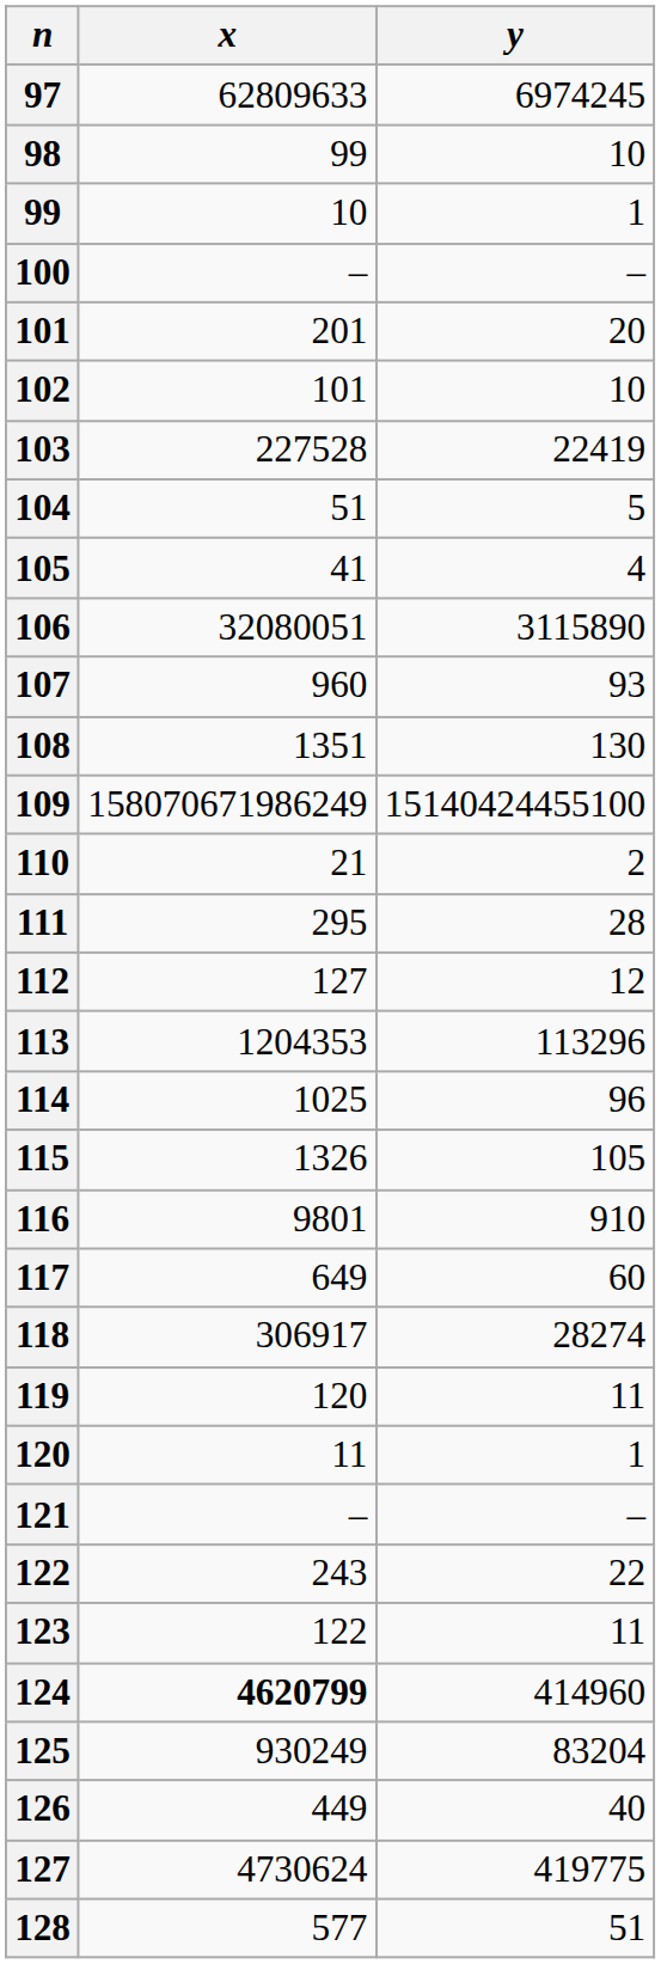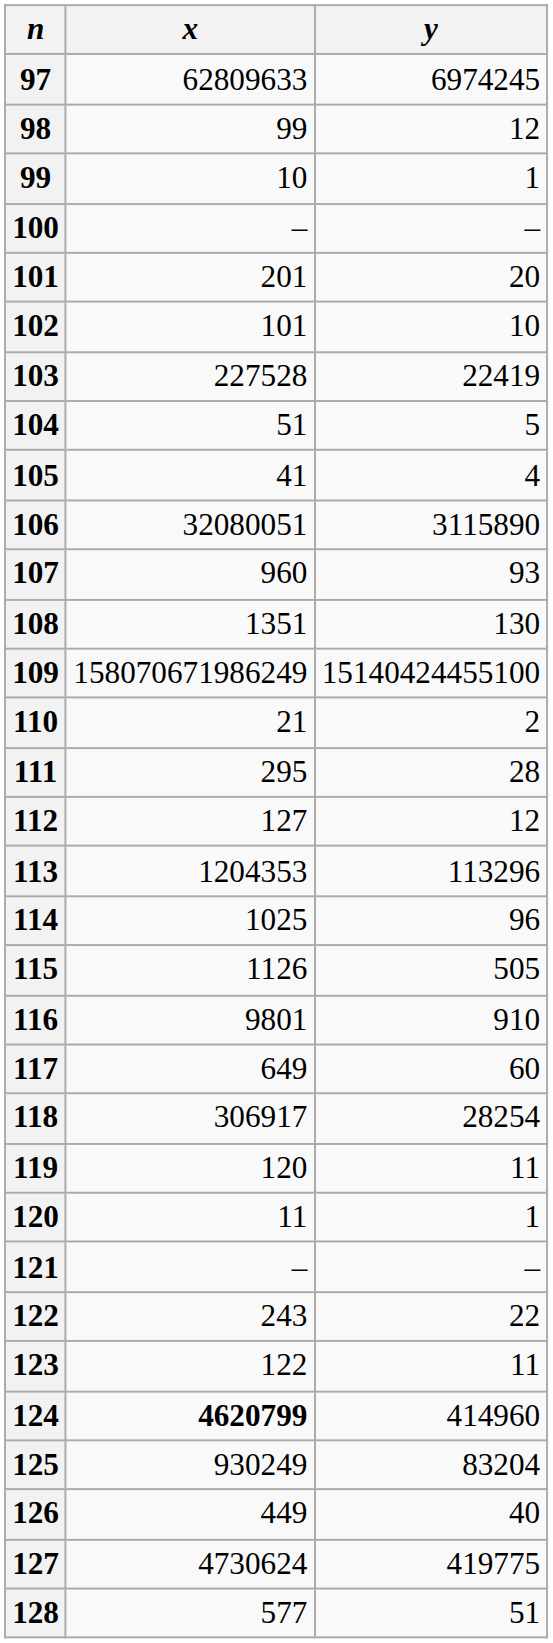 <table class="wikitable" style="text-align: right; display: inline-table;">
 <tr>
 <th><em>n</em></th>
 <th><em>x</em></th>
 <th><em>y</em></th>
 </tr>
 <tr>
 <th>97</th>
 <td>62809633</td>
 <td>6974245</td>
 </tr>
 <tr>
 <th>98</th>
 <td>99</td>
-<td>10</td>
+<td>12</td>
 </tr>
 <tr>
 <th>99</th>
 <td>10</td>
 <td>1</td>
 </tr>
 <tr>
 <th>100</th>
 <td>–</td>
 <td>–</td>
 </tr>
 <tr>
 <th>101</th>
 <td>201</td>
 <td>20</td>
 </tr>
 <tr>
 <th>102</th>
 <td>101</td>
 <td>10</td>
 </tr>
 <tr>
 <th>103</th>
 <td>227528</td>
 <td>22419</td>
 </tr>
 <tr>
 <th>104</th>
 <td>51</td>
 <td>5</td>
 </tr>
 <tr>
 <th>105</th>
 <td>41</td>
 <td>4</td>
 </tr>
 <tr>
 <th>106</th>
 <td>32080051</td>
 <td>3115890</td>
 </tr>
 <tr>
 <th>107</th>
 <td>960</td>
 <td>93</td>
 </tr>
 <tr>
 <th>108</th>
 <td>1351</td>
 <td>130</td>
 </tr>
 <tr>
 <th>109</th>
 <td>158070671986249</td>
 <td>15140424455100</td>
 </tr>
 <tr>
 <th>110</th>
 <td>21</td>
 <td>2</td>
 </tr>
 <tr>
 <th>111</th>
 <td>295</td>
 <td>28</td>
 </tr>
 <tr>
 <th>112</th>
 <td>127</td>
 <td>12</td>
 </tr>
 <tr>
 <th>113</th>
 <td>1204353</td>
 <td>113296</td>
 </tr>
 <tr>
 <th>114</th>
 <td>1025</td>
 <td>96</td>
 </tr>
 <tr>
 <th>115</th>
-<td>1326</td>
-<td>105</td>
+<td>1126</td>
+<td>505</td>
 </tr>
 <tr>
 <th>116</th>
 <td>9801</td>
 <td>910</td>
 </tr>
 <tr>
 <th>117</th>
 <td>649</td>
 <td>60</td>
 </tr>
 <tr>
 <th>118</th>
 <td>306917</td>
-<td>28274</td>
+<td>28254</td>
 </tr>
 <tr>
 <th>119</th>
 <td>120</td>
 <td>11</td>
 </tr>
 <tr>
 <th>120</th>
 <td>11</td>
 <td>1</td>
 </tr>
 <tr>
 <th>121</th>
 <td>–</td>
 <td>–</td>
 </tr>
 <tr>
 <th>122</th>
 <td>243</td>
 <td>22</td>
 </tr>
 <tr>
 <th>123</th>
 <td>122</td>
 <td>11</td>
 </tr>
 <tr>
 <th>124</th>
 <td><strong>4620799</strong></td>
 <td>414960</td>
 </tr>
 <tr>
 <th>125</th>
 <td>930249</td>
 <td>83204</td>
 </tr>
 <tr>
 <th>126</th>
 <td>449</td>
 <td>40</td>
 </tr>
 <tr>
 <th>127</th>
 <td>4730624</td>
 <td>419775</td>
 </tr>
 <tr>
 <th>128</th>
 <td>577</td>
 <td>51</td>
 </tr>
 </table>
